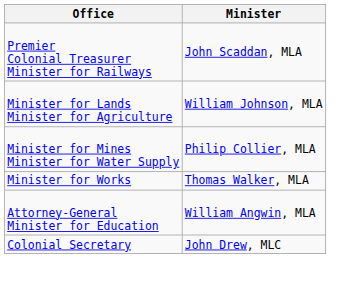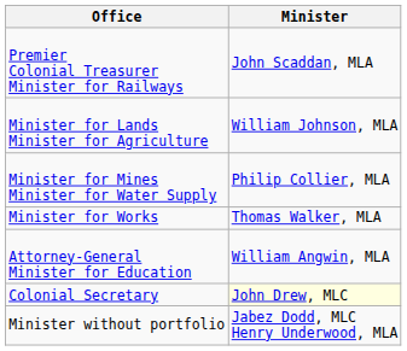 <table class="wikitable">
 <tr>
 <th>Office</th>
 <th>Minister</th>
 </tr>
 <tr>
 <td><br><a href='#'>Premier</a><br> <a href='#'>Colonial Treasurer</a><br> <a href='#'>Minister for Railways</a><br></td>
 <td><a href='#'>John Scaddan</a>, MLA</td>
 </tr>
 <tr>
 <td><br><a href='#'>Minister for Lands</a><br> <a href='#'>Minister for Agriculture</a><br></td>
 <td><a href='#'>William Johnson</a>, MLA</td>
 </tr>
 <tr>
 <td><br><a href='#'>Minister for Mines</a><br> <a href='#'>Minister for Water Supply</a><br></td>
 <td><a href='#'>Philip Collier</a>, MLA</td>
 </tr>
 <tr>
 <td><a href='#'>Minister for Works</a></td>
 <td><a href='#'>Thomas Walker</a>, MLA</td>
 </tr>
 <tr>
 <td><br><a href='#'>Attorney-General</a><br> <a href='#'>Minister for Education</a><br></td>
 <td><a href='#'>William Angwin</a>, MLA</td>
 </tr>
 <tr>
 <td><a href='#'>Colonial Secretary</a><br></td>
-<td><a href='#'>John Drew</a>, MLC</td>
+<td style="background: lightyellow;"><a href='#'>John Drew</a>, MLC</td>
+</tr>
+<tr>
+<td>Minister without portfolio</td>
+<td><a href='#'>Jabez Dodd</a>, MLC<br><a href='#'>Henry Underwood</a>, MLA</td>
 </tr>
 </table>
